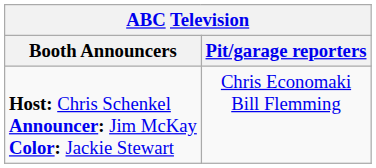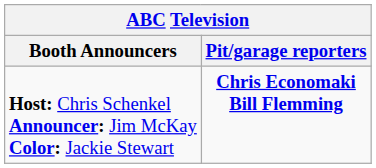 <table class="wikitable" style="font-size: 95%;">
 <tr>
 <th colspan=2><a href='#'>ABC</a> <a href='#'>Television</a></th>
 </tr>
 <tr>
 <th>Booth Announcers</th>
 <th><a href='#'>Pit/garage reporters</a></th>
 </tr>
 <tr>
 <td valign="top"><br><strong>Host:</strong> <a href='#'>Chris Schenkel</a><br> <strong><a href='#'>Announcer</a>:</strong> <a href='#'>Jim McKay</a><br> <strong><a href='#'>Color</a>:</strong> <a href='#'>Jackie Stewart</a><br></td>
-<td align="center" valign="top"><a href='#'>Chris Economaki</a><br><a href='#'>Bill Flemming</a><br></td>
+<td align="center" valign="top"><strong><a href='#'>Chris Economaki</a><br><a href='#'>Bill Flemming</a><br></strong></td>
 </tr>
 </table>
